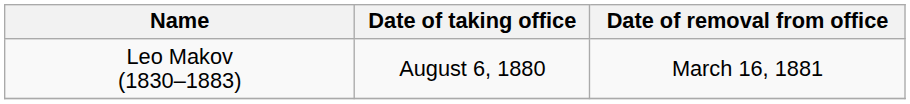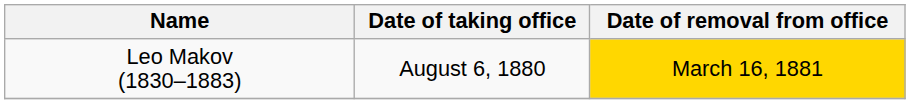 <table class="wikitable" style="text-align:center" width=75%>
 <tr>
 <th width=250px>Name</th>
 <th>Date of taking office</th>
 <th>Date of removal from office</th>
 </tr>
 <tr>
 <td>Leo Makov<br>(1830–1883)<br></td>
 <td>August 6, 1880</td>
-<td>March 16, 1881</td>
+<td style="background: gold;">March 16, 1881</td>
 </tr>
 <tr>
 </tr>
 </table>
